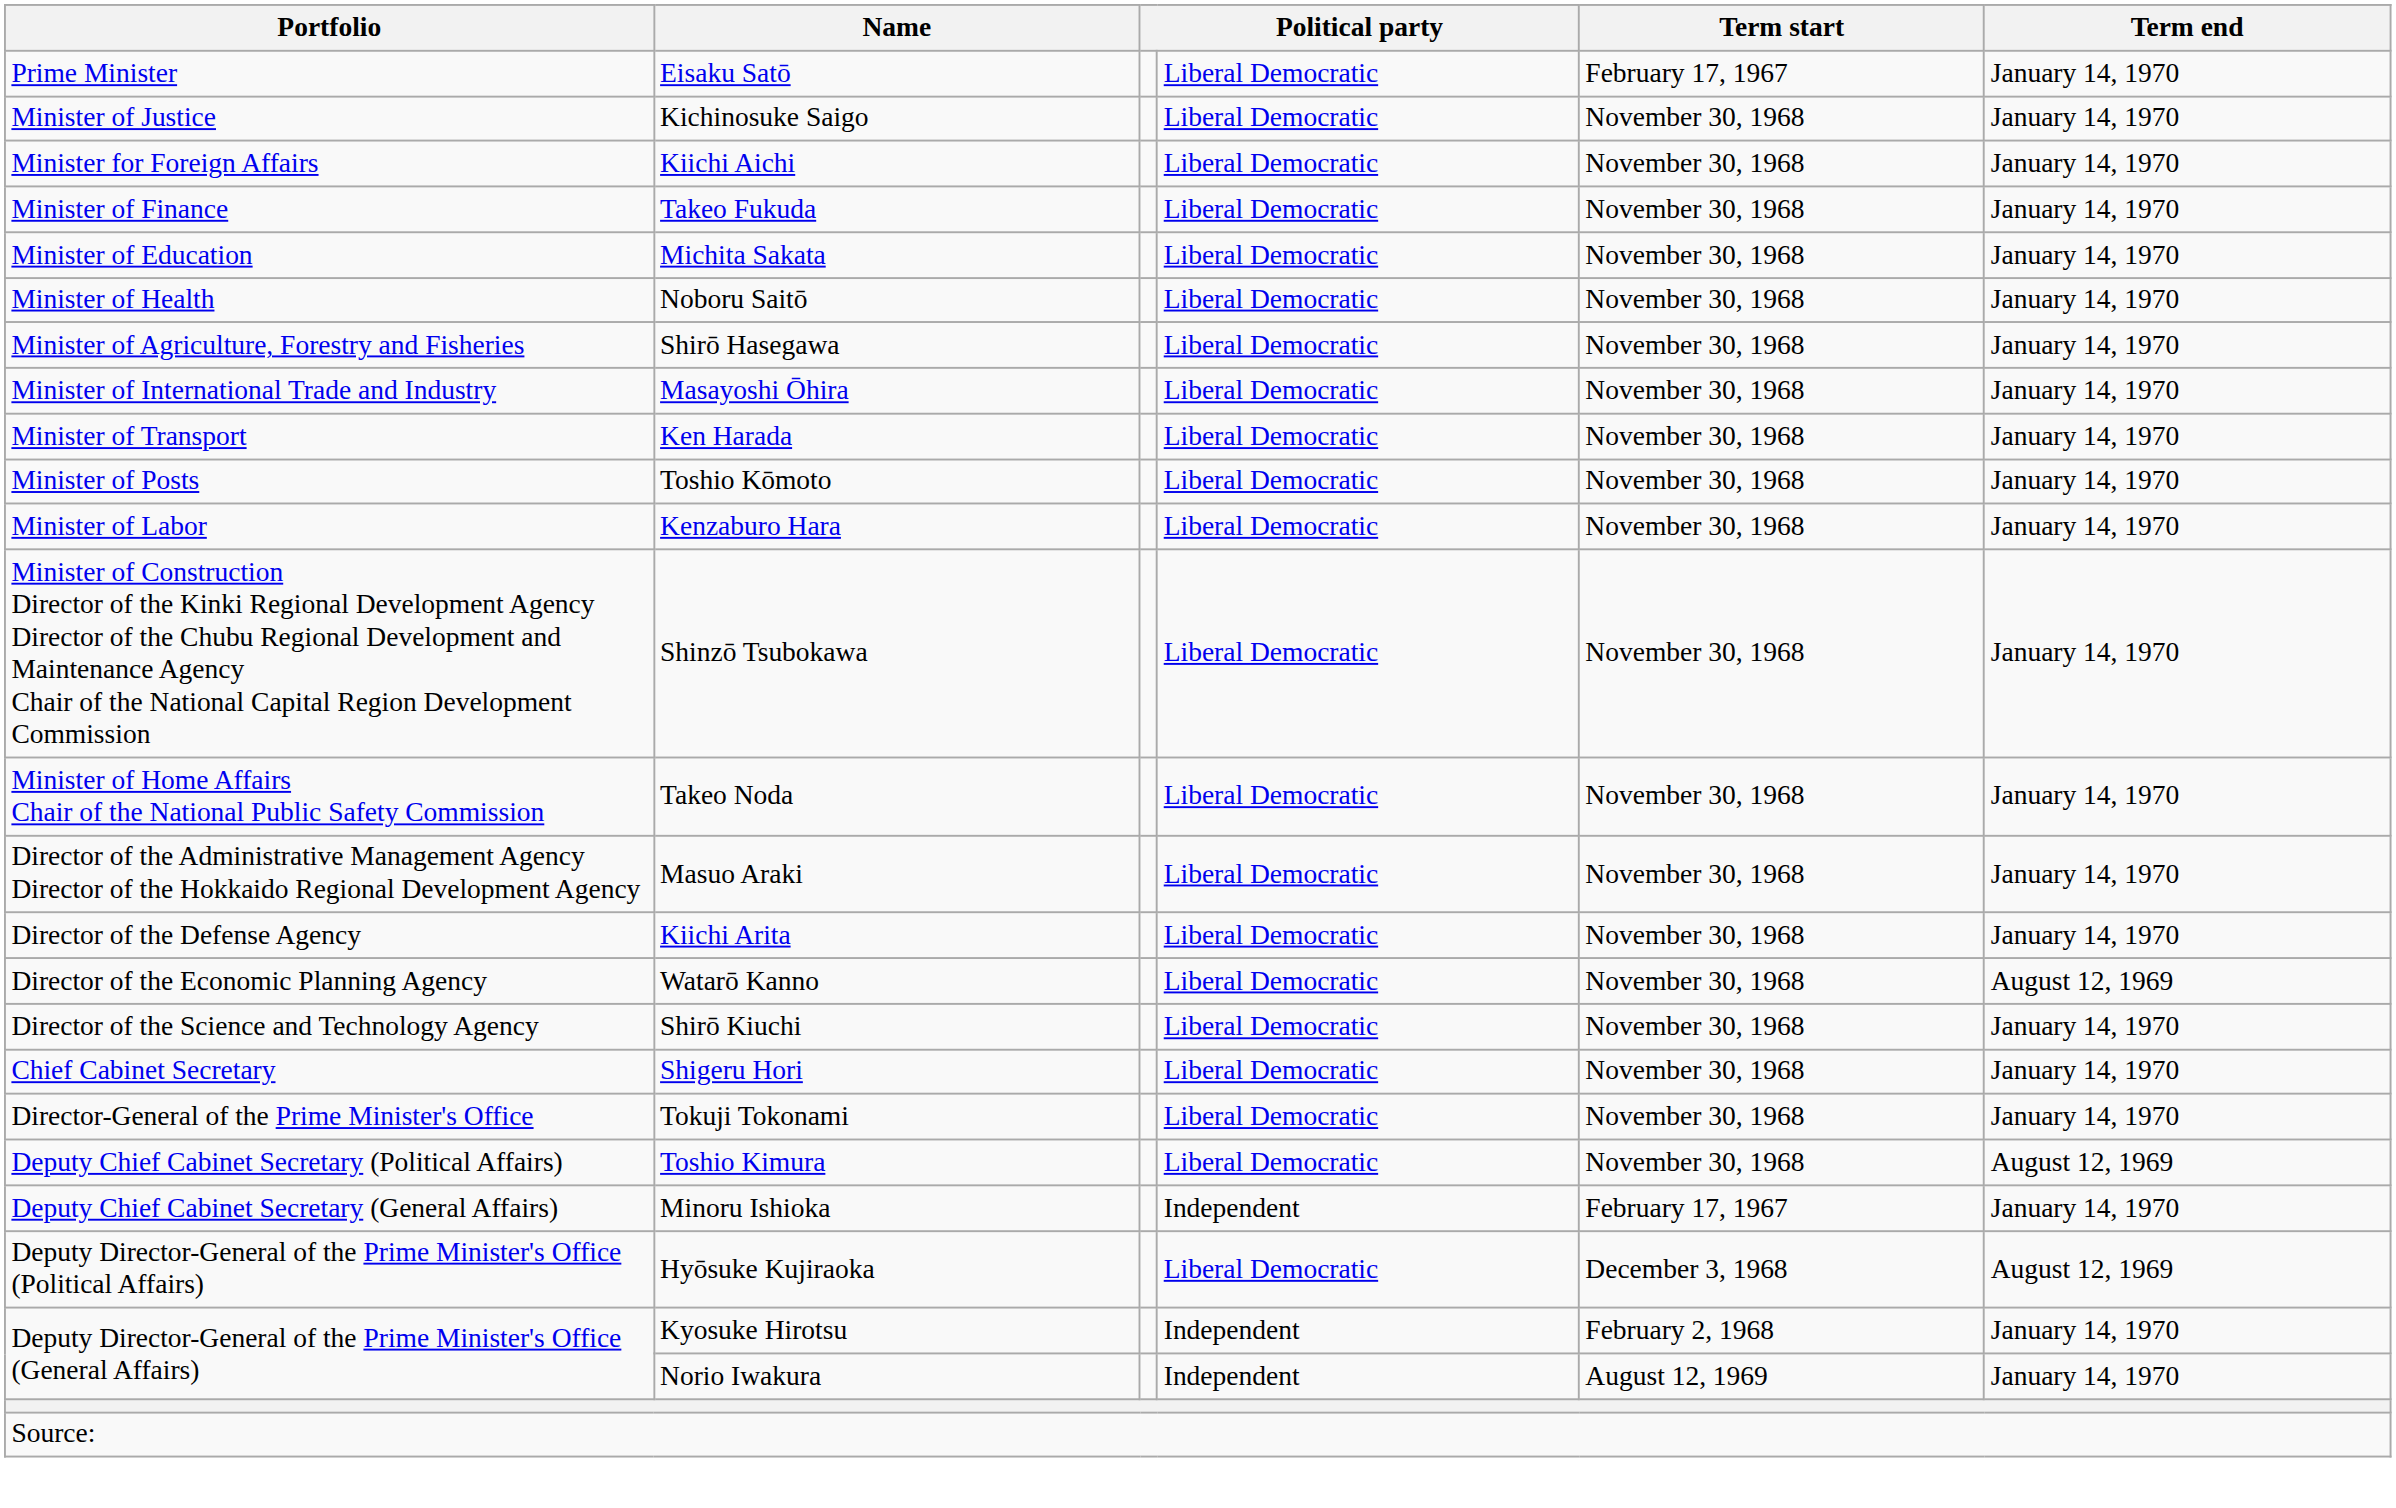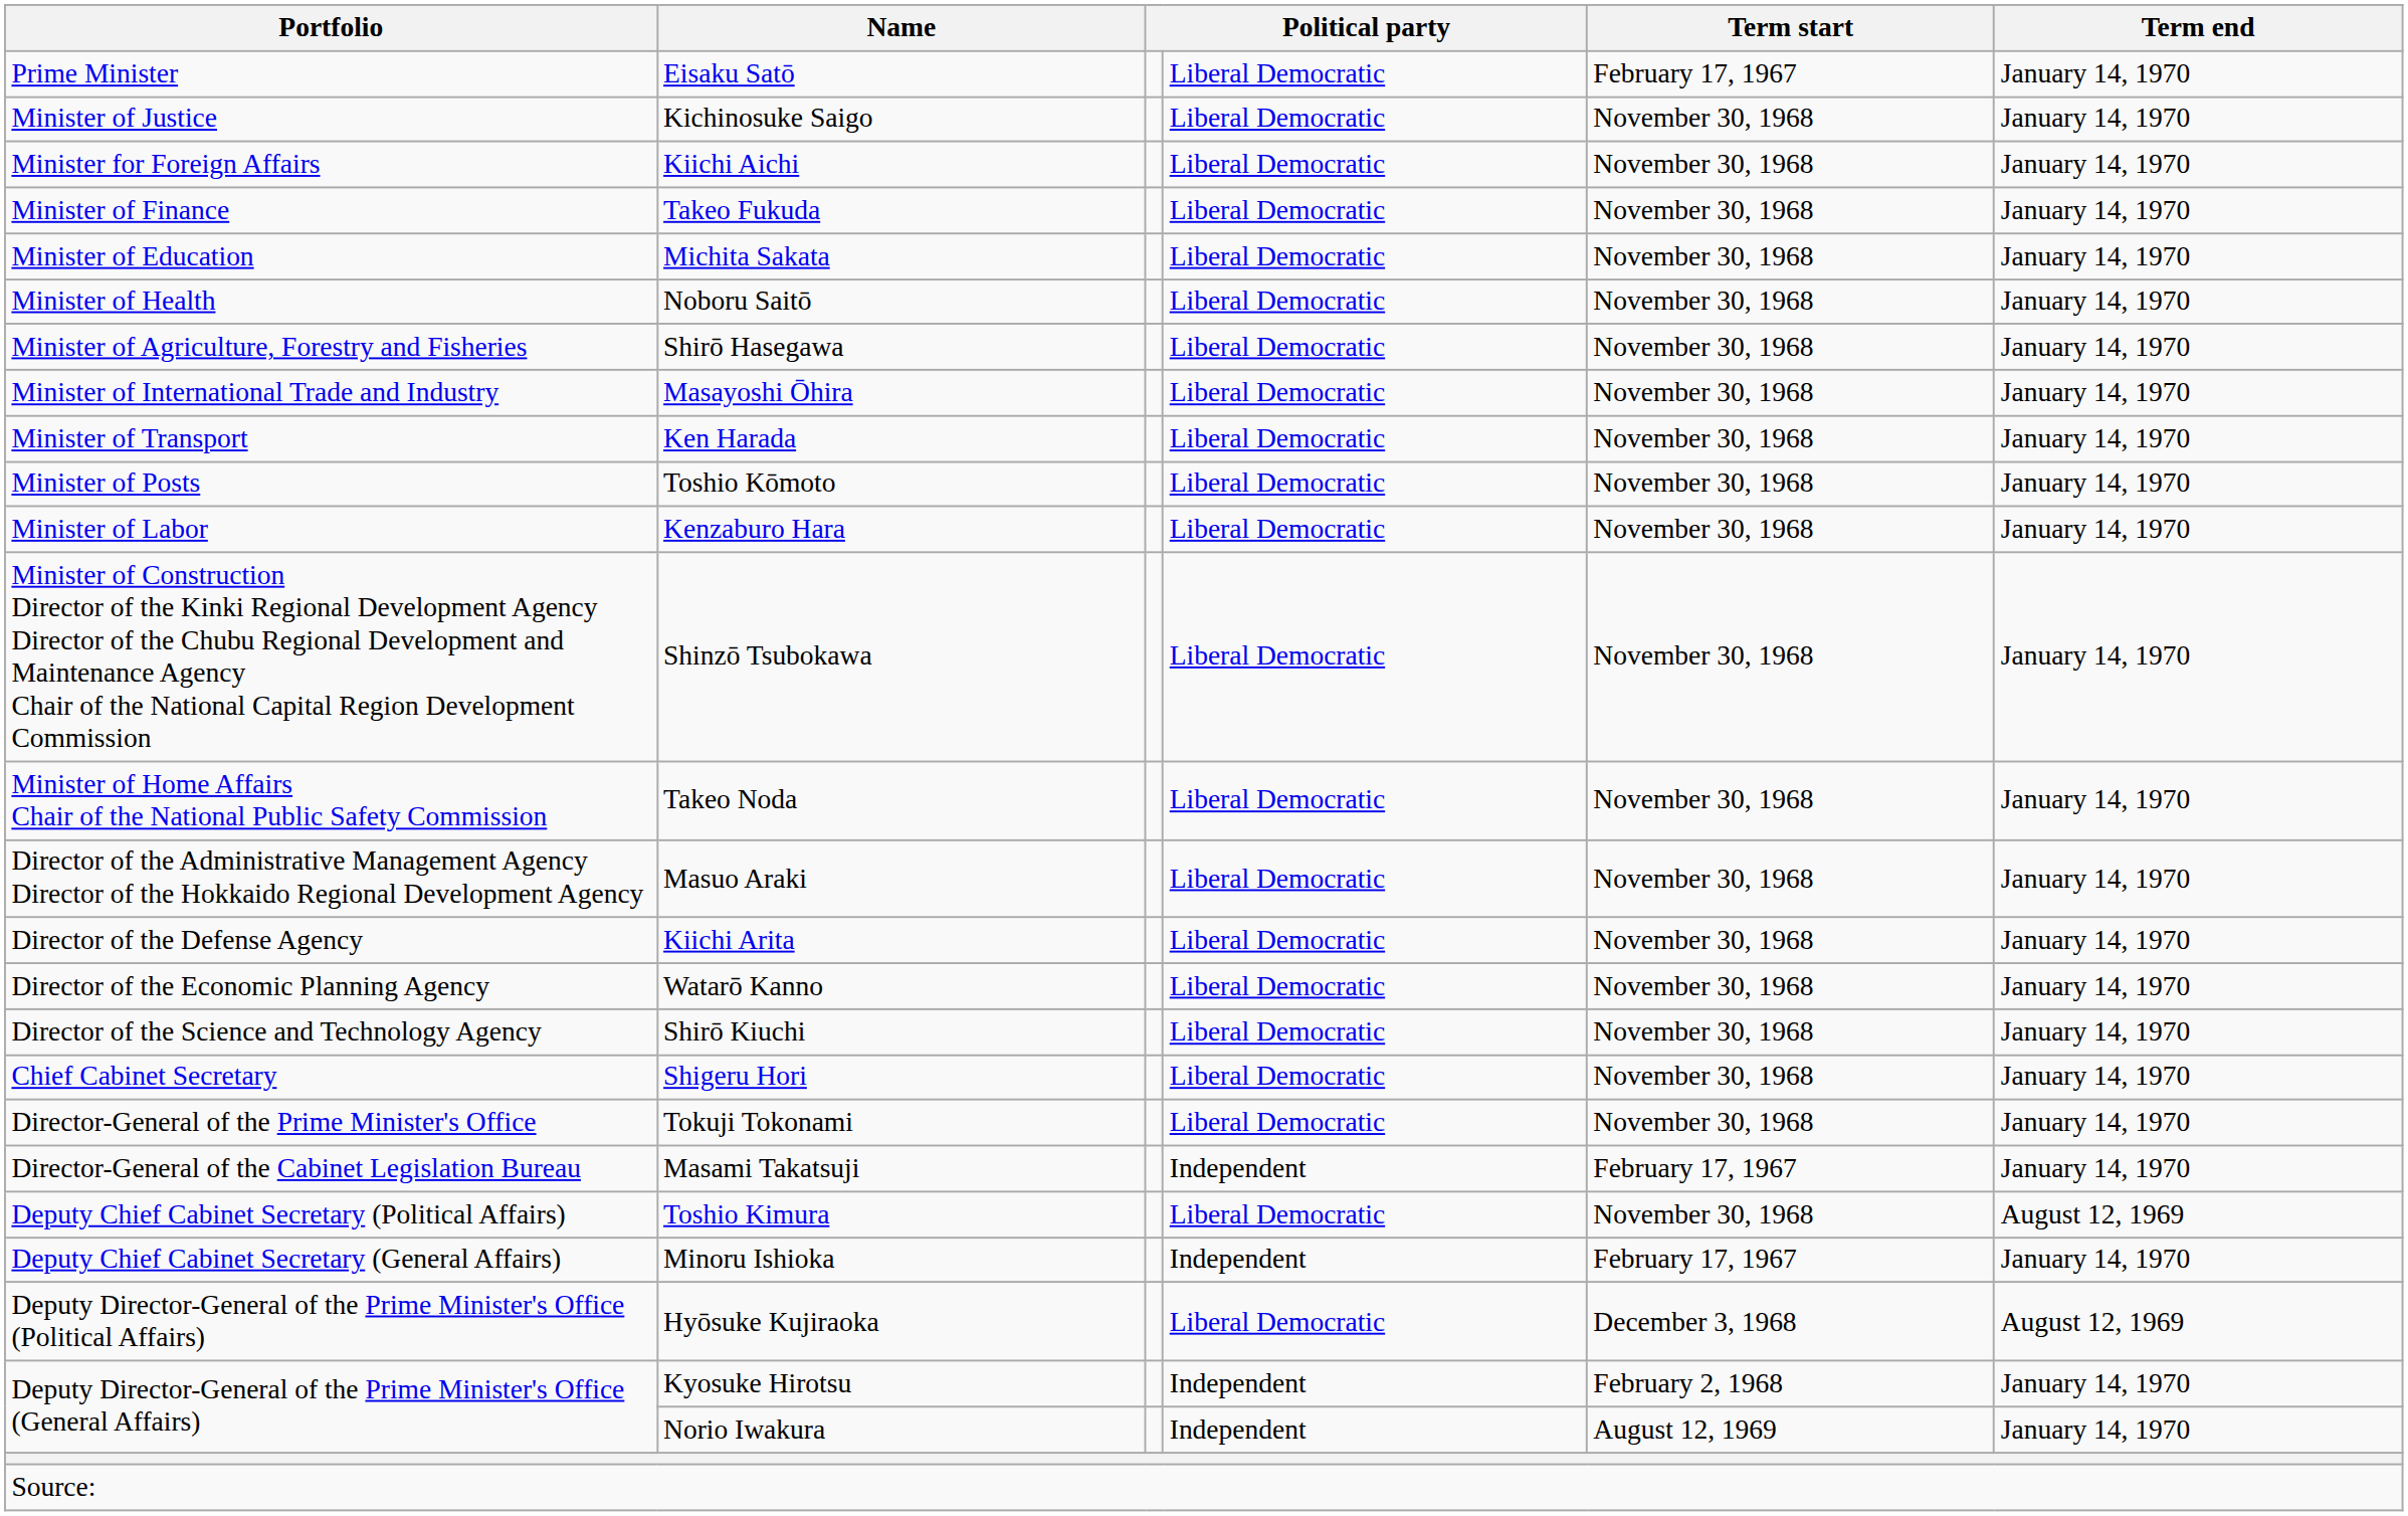 <table class="wikitable unsortable" style="font-size: 90%;">
 <tr>
 <th width="20%" scope="col">Portfolio</th>
 <th width="15%" scope="col">Name</th>
 <th colspan="2" width="13.5%" scope="col">Political party</th>
 <th width="12.5%" scope="col">Term start</th>
 <th width="12.5%" scope="col">Term end</th>
 </tr>
 <tr>
 <td style="text-align: left;"><a href='#'>Prime Minister</a></td>
 <td><a href='#'>Eisaku Satō</a></td>
 <td width="0.5%" style="background:"></td>
 <td><a href='#'>Liberal Democratic</a></td>
 <td>February 17, 1967</td>
 <td>January 14, 1970</td>
 </tr>
 <tr>
 <td><a href='#'>Minister of Justice</a></td>
 <td>Kichinosuke Saigo</td>
 <td style="color:inherit;background:"></td>
 <td><a href='#'>Liberal Democratic</a></td>
 <td>November 30, 1968</td>
 <td>January 14, 1970</td>
 </tr>
 <tr>
 <td><a href='#'>Minister for Foreign Affairs</a></td>
 <td><a href='#'>Kiichi Aichi</a></td>
 <td style="color:inherit;background:"></td>
 <td><a href='#'>Liberal Democratic</a></td>
 <td>November 30, 1968</td>
 <td>January 14, 1970</td>
 </tr>
 <tr>
 <td><a href='#'>Minister of Finance</a></td>
 <td><a href='#'>Takeo Fukuda</a></td>
 <td style="color:inherit;background:"></td>
 <td><a href='#'>Liberal Democratic</a></td>
 <td>November 30, 1968</td>
 <td>January 14, 1970</td>
 </tr>
 <tr>
 <td><a href='#'>Minister of Education</a></td>
 <td><a href='#'>Michita Sakata</a></td>
 <td style="color:inherit;background:"></td>
 <td><a href='#'>Liberal Democratic</a></td>
 <td>November 30, 1968</td>
 <td>January 14, 1970</td>
 </tr>
 <tr>
 <td><a href='#'>Minister of Health</a></td>
 <td>Noboru Saitō</td>
 <td style="color:inherit;background:"></td>
 <td><a href='#'>Liberal Democratic</a></td>
 <td>November 30, 1968</td>
 <td>January 14, 1970</td>
 </tr>
 <tr>
 <td><a href='#'>Minister of Agriculture, Forestry and Fisheries</a></td>
 <td>Shirō Hasegawa</td>
 <td style="color:inherit;background:"></td>
 <td><a href='#'>Liberal Democratic</a></td>
 <td>November 30, 1968</td>
 <td>January 14, 1970</td>
 </tr>
 <tr>
 <td><a href='#'>Minister of International Trade and Industry</a></td>
 <td><a href='#'>Masayoshi Ōhira</a></td>
 <td style="color:inherit;background:"></td>
 <td><a href='#'>Liberal Democratic</a></td>
 <td>November 30, 1968</td>
 <td>January 14, 1970</td>
 </tr>
 <tr>
 <td><a href='#'>Minister of Transport</a></td>
 <td><a href='#'>Ken Harada</a></td>
 <td style="color:inherit;background:"></td>
 <td><a href='#'>Liberal Democratic</a></td>
 <td>November 30, 1968</td>
 <td>January 14, 1970</td>
 </tr>
 <tr>
 <td><a href='#'>Minister of Posts</a></td>
 <td>Toshio Kōmoto</td>
 <td style="color:inherit;background:"></td>
 <td><a href='#'>Liberal Democratic</a></td>
 <td>November 30, 1968</td>
 <td>January 14, 1970</td>
 </tr>
 <tr>
 <td><a href='#'>Minister of Labor</a></td>
 <td><a href='#'>Kenzaburo Hara</a></td>
 <td style="color:inherit;background:"></td>
 <td><a href='#'>Liberal Democratic</a></td>
 <td>November 30, 1968</td>
 <td>January 14, 1970</td>
 </tr>
 <tr>
 <td><a href='#'>Minister of Construction</a><br>Director of the Kinki Regional Development Agency<br>Director of the Chubu Regional Development and Maintenance Agency<br>Chair of the National Capital Region Development Commission</td>
 <td>Shinzō Tsubokawa</td>
 <td style="color:inherit;background:"></td>
 <td><a href='#'>Liberal Democratic</a></td>
 <td>November 30, 1968</td>
 <td>January 14, 1970</td>
 </tr>
 <tr>
 <td><a href='#'>Minister of Home Affairs</a><br><a href='#'>Chair of the National Public Safety Commission</a></td>
 <td>Takeo Noda</td>
 <td style="color:inherit;background:"></td>
 <td><a href='#'>Liberal Democratic</a></td>
 <td>November 30, 1968</td>
 <td>January 14, 1970</td>
 </tr>
 <tr>
 <td>Director of the Administrative Management Agency<br>Director of the Hokkaido Regional Development Agency</td>
 <td>Masuo Araki</td>
 <td style="color:inherit;background:"></td>
 <td><a href='#'>Liberal Democratic</a></td>
 <td>November 30, 1968</td>
 <td>January 14, 1970</td>
 </tr>
 <tr>
 <td>Director of the Defense Agency</td>
 <td><a href='#'>Kiichi Arita</a></td>
 <td style="color:inherit;background:"></td>
 <td><a href='#'>Liberal Democratic</a></td>
 <td>November 30, 1968</td>
 <td>January 14, 1970</td>
 </tr>
 <tr>
 <td>Director of the Economic Planning Agency</td>
 <td>Watarō Kanno</td>
 <td style="color:inherit;background:"></td>
 <td><a href='#'>Liberal Democratic</a></td>
 <td>November 30, 1968</td>
-<td>August 12, 1969</td>
+<td>January 14, 1970</td>
 </tr>
 <tr>
 <td>Director of the Science and Technology Agency</td>
 <td>Shirō Kiuchi</td>
 <td style="color:inherit;background:"></td>
 <td><a href='#'>Liberal Democratic</a></td>
 <td>November 30, 1968</td>
 <td>January 14, 1970</td>
 </tr>
 <tr>
 <td><a href='#'>Chief Cabinet Secretary</a></td>
 <td><a href='#'>Shigeru Hori</a></td>
 <td style="color:inherit;background:"></td>
 <td><a href='#'>Liberal Democratic</a></td>
 <td>November 30, 1968</td>
 <td>January 14, 1970</td>
 </tr>
 <tr>
 <td>Director-General of the <a href='#'>Prime Minister's Office</a></td>
 <td>Tokuji Tokonami</td>
 <td style="color:inherit;background:"></td>
 <td><a href='#'>Liberal Democratic</a></td>
 <td>November 30, 1968</td>
+<td>January 14, 1970</td>
+</tr>
+<tr>
+<td>Director-General of the <a href='#'>Cabinet Legislation Bureau</a></td>
+<td>Masami Takatsuji</td>
+<td style="color:inherit;background:"></td>
+<td>Independent</td>
+<td>February 17, 1967</td>
 <td>January 14, 1970</td>
 </tr>
 <tr>
 <td><a href='#'>Deputy Chief Cabinet Secretary</a> (Political Affairs)</td>
 <td><a href='#'>Toshio Kimura</a></td>
 <td style="color:inherit;background:"></td>
 <td><a href='#'>Liberal Democratic</a></td>
 <td>November 30, 1968</td>
 <td>August 12, 1969</td>
 </tr>
 <tr>
 <td><a href='#'>Deputy Chief Cabinet Secretary</a> (General Affairs)</td>
 <td>Minoru Ishioka</td>
 <td style="color:inherit;background:"></td>
 <td>Independent</td>
 <td>February 17, 1967</td>
 <td>January 14, 1970</td>
 </tr>
 <tr>
 <td>Deputy Director-General of the <a href='#'>Prime Minister's Office</a> (Political Affairs)</td>
 <td>Hyōsuke Kujiraoka</td>
 <td style="color:inherit;background:"></td>
 <td><a href='#'>Liberal Democratic</a></td>
 <td>December 3, 1968</td>
 <td>August 12, 1969</td>
 </tr>
 <tr>
 <td rowspan="2">Deputy Director-General of the <a href='#'>Prime Minister's Office</a> (General Affairs)</td>
 <td>Kyosuke Hirotsu</td>
 <td style="color:inherit;background:"></td>
 <td>Independent</td>
 <td>February 2, 1968</td>
 <td>January 14, 1970</td>
 </tr>
 <tr>
 <td>Norio Iwakura</td>
 <td style="color:inherit;background:"></td>
 <td>Independent</td>
 <td>August 12, 1969</td>
 <td>January 14, 1970</td>
 </tr>
 <tr>
 <th colspan="6"></th>
 </tr>
 <tr>
 <td colspan="6">Source:</td>
 </tr>
 </table>
